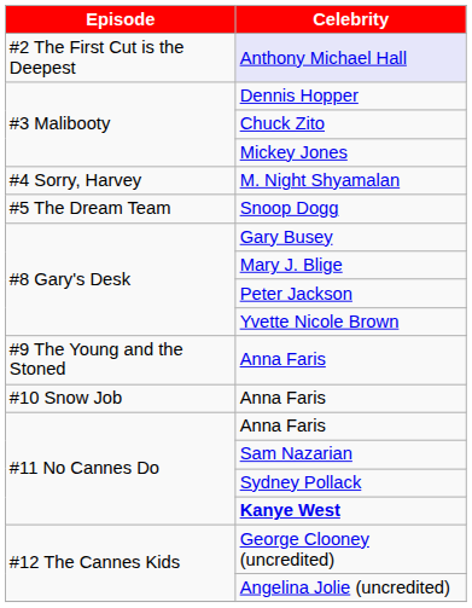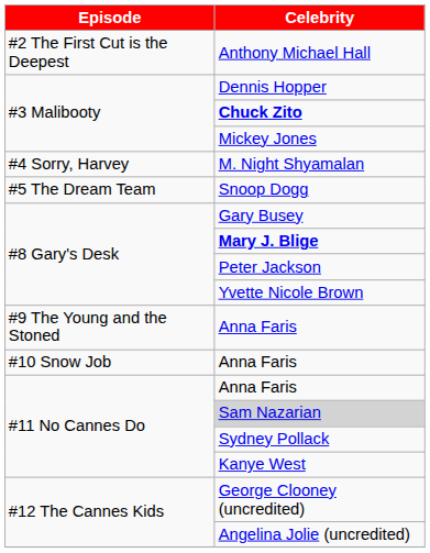 <table class="wikitable">
 <tr style="color:white">
 <th style="background:#f00; width:200px;">Episode</th>
 <th style="background:#f00; width:200px;">Celebrity</th>
 </tr>
 <tr>
 <td>#2 The First Cut is the Deepest</td>
-<td style="background: lavender;"><a href='#'>Anthony Michael Hall</a></td>
+<td><a href='#'>Anthony Michael Hall</a></td>
 </tr>
 <tr>
 <td rowspan="3">#3 Malibooty</td>
 <td><a href='#'>Dennis Hopper</a></td>
 </tr>
 <tr>
-<td><a href='#'>Chuck Zito</a></td>
+<td><strong><a href='#'>Chuck Zito</a></strong></td>
 </tr>
 <tr>
 <td><a href='#'>Mickey Jones</a></td>
 </tr>
 <tr>
 <td>#4 Sorry, Harvey</td>
 <td><a href='#'>M. Night Shyamalan</a></td>
 </tr>
 <tr>
 <td>#5 The Dream Team</td>
 <td><a href='#'>Snoop Dogg</a></td>
 </tr>
 <tr>
 <td rowspan="4">#8 Gary's Desk</td>
 <td><a href='#'>Gary Busey</a></td>
 </tr>
 <tr>
-<td><a href='#'>Mary J. Blige</a></td>
+<td><strong><a href='#'>Mary J. Blige</a></strong></td>
 </tr>
 <tr>
 <td><a href='#'>Peter Jackson</a></td>
 </tr>
 <tr>
 <td><a href='#'>Yvette Nicole Brown</a></td>
 </tr>
 <tr>
 <td>#9 The Young and the Stoned</td>
 <td><a href='#'>Anna Faris</a></td>
 </tr>
 <tr>
 <td>#10 Snow Job</td>
 <td>Anna Faris</td>
 </tr>
 <tr>
 <td rowspan="4">#11 No Cannes Do</td>
 <td>Anna Faris</td>
 </tr>
 <tr>
-<td><a href='#'>Sam Nazarian</a></td>
+<td style="background: lightgrey;"><a href='#'>Sam Nazarian</a></td>
 </tr>
 <tr>
 <td><a href='#'>Sydney Pollack</a></td>
 </tr>
 <tr>
-<td><strong><a href='#'>Kanye West</a></strong></td>
+<td><a href='#'>Kanye West</a></td>
 </tr>
 <tr>
 <td rowspan="2">#12 The Cannes Kids</td>
 <td><a href='#'>George Clooney</a> (uncredited)</td>
 </tr>
 <tr>
 <td><a href='#'>Angelina Jolie</a> (uncredited)</td>
 </tr>
 <tr>
 </tr>
 </table>
